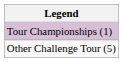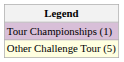 <table class="wikitable" style="font-size:95%;">
 <tr>
 <th>Legend</th>
 </tr>
 <tr style="background:thistle;">
 <td>Tour Championships (1)</td>
 </tr>
 <tr>
-<td>Other Challenge Tour (5)</td>
+<td style="background: lightyellow;">Other Challenge Tour (5)</td>
 </tr>
 </table>
